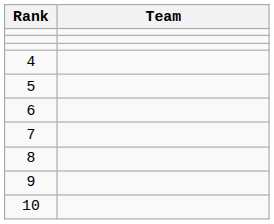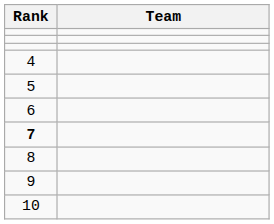 <table class="wikitable" style="text-align: center;">
 <tr>
 <th width=40>Rank</th>
 <th width=180>Team</th>
 </tr>
 <tr align=center>
 <td></td>
 <td style="text-align:left;"></td>
 </tr>
 <tr align=center>
 <td></td>
 <td style="text-align:left;"></td>
 </tr>
 <tr align=center>
 <td></td>
 <td style="text-align:left;"></td>
 </tr>
 <tr align=center>
 <td>4</td>
 <td style="text-align:left;"></td>
 </tr>
 <tr align=center>
 <td>5</td>
 <td style="text-align:left;"></td>
 </tr>
 <tr align=center>
 <td>6</td>
 <td style="text-align:left;"></td>
 </tr>
 <tr align=center>
-<td>7</td>
+<td><strong>7</strong></td>
 <td style="text-align:left;"></td>
 </tr>
 <tr align=center>
 <td>8</td>
 <td style="text-align:left;"></td>
 </tr>
 <tr align=center>
 <td>9</td>
 <td style="text-align:left;"></td>
 </tr>
 <tr align=center>
 <td>10</td>
 <td style="text-align:left;"></td>
 </tr>
 </table>
